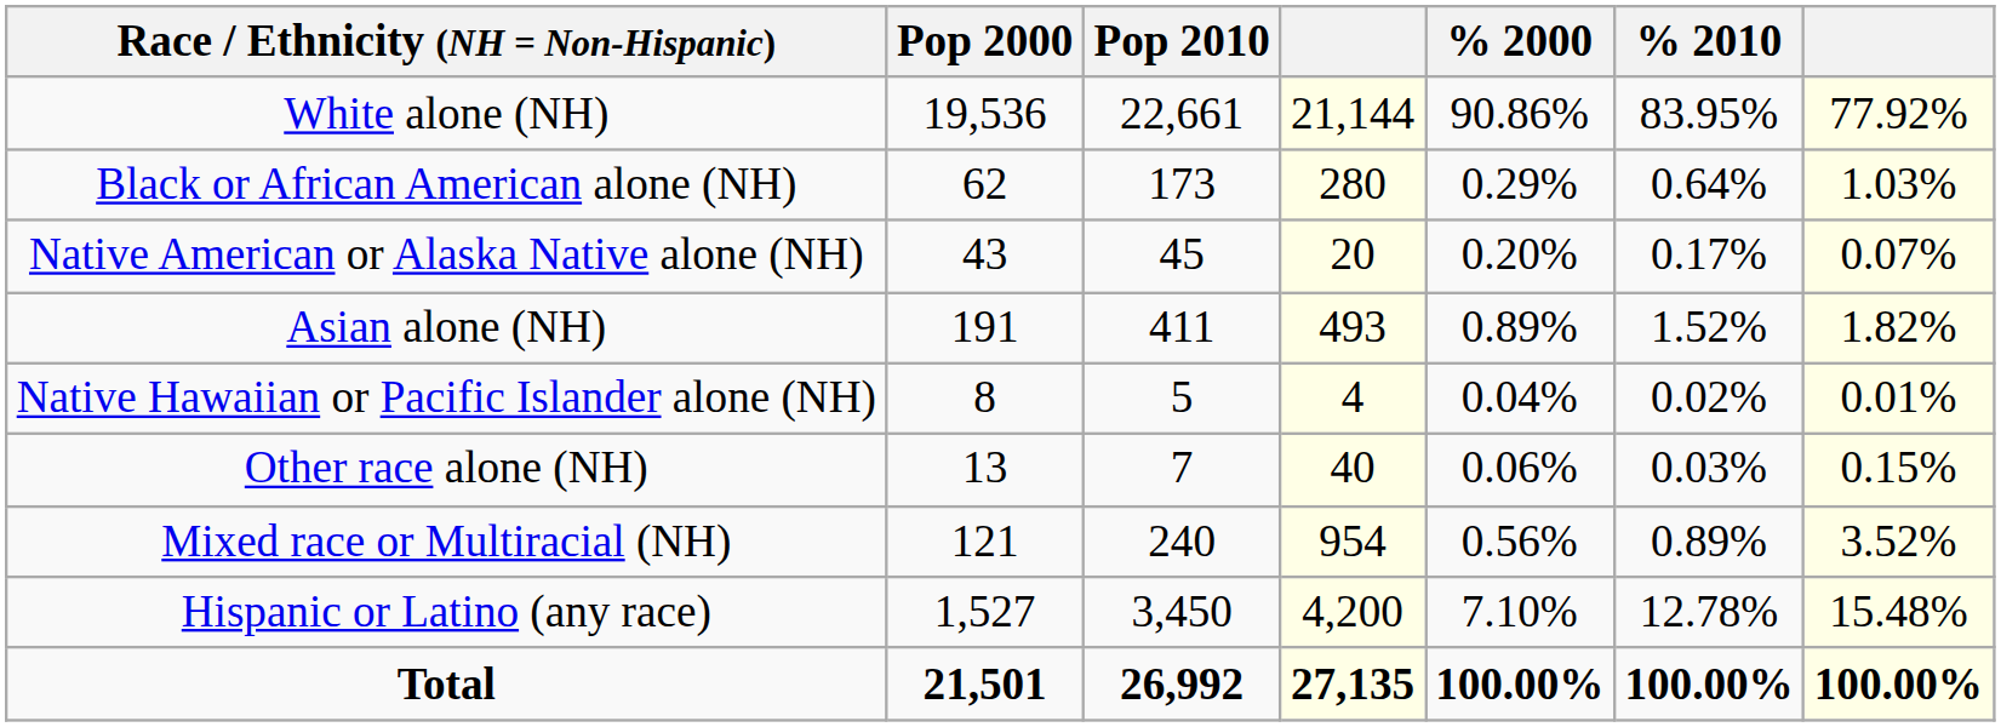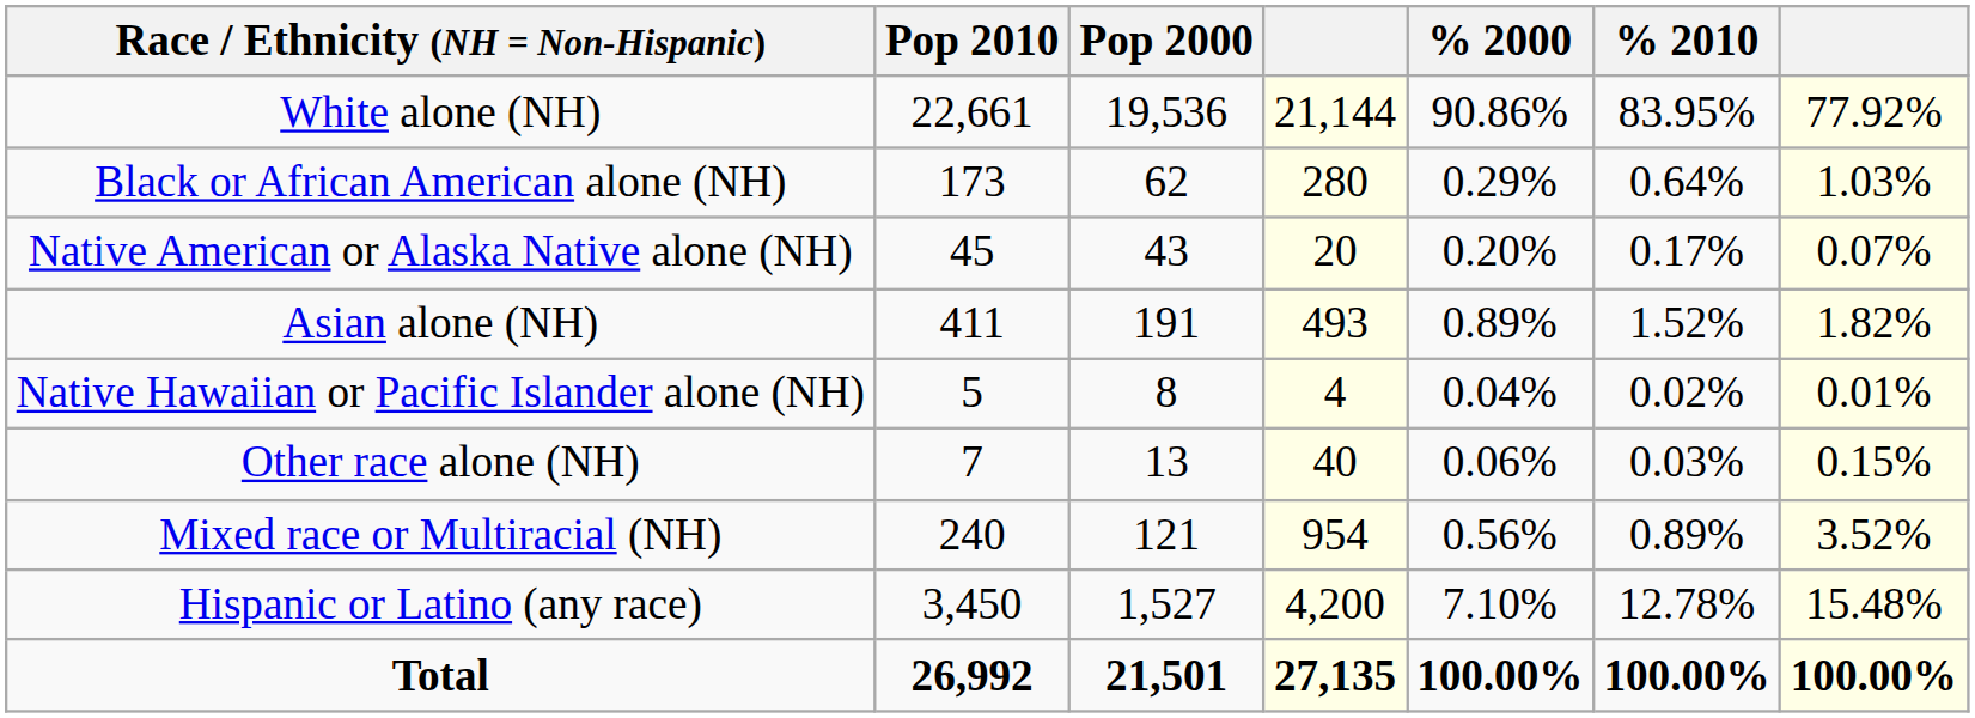 <table class="wikitable" style="text-align:center;">
 <tr>
 <th>Race / Ethnicity <small>(<em>NH = Non-Hispanic</em>)</small></th>
+<th>Pop 2010</th>
 <th>Pop 2000</th>
-<th>Pop 2010</th>
 <th></th>
 <th>% 2000</th>
 <th>% 2010</th>
 <th></th>
 </tr>
 <tr>
 <td><a href='#'>White</a> alone (NH)</td>
+<td>22,661</td>
 <td>19,536</td>
-<td>22,661</td>
 <td style='background: #ffffe6;'>21,144</td>
 <td>90.86%</td>
 <td>83.95%</td>
 <td style='background: #ffffe6;'>77.92%</td>
 </tr>
 <tr>
 <td><a href='#'>Black or African American</a> alone (NH)</td>
+<td>173</td>
 <td>62</td>
-<td>173</td>
 <td style='background: #ffffe6;'>280</td>
 <td>0.29%</td>
 <td>0.64%</td>
 <td style='background: #ffffe6;'>1.03%</td>
 </tr>
 <tr>
 <td><a href='#'>Native American</a> or <a href='#'>Alaska Native</a> alone (NH)</td>
+<td>45</td>
 <td>43</td>
-<td>45</td>
 <td style='background: #ffffe6;'>20</td>
 <td>0.20%</td>
 <td>0.17%</td>
 <td style='background: #ffffe6;'>0.07%</td>
 </tr>
 <tr>
 <td><a href='#'>Asian</a> alone (NH)</td>
+<td>411</td>
 <td>191</td>
-<td>411</td>
 <td style='background: #ffffe6;'>493</td>
 <td>0.89%</td>
 <td>1.52%</td>
 <td style='background: #ffffe6;'>1.82%</td>
 </tr>
 <tr>
 <td><a href='#'>Native Hawaiian</a> or <a href='#'>Pacific Islander</a> alone (NH)</td>
+<td>5</td>
 <td>8</td>
-<td>5</td>
 <td style='background: #ffffe6;'>4</td>
 <td>0.04%</td>
 <td>0.02%</td>
 <td style='background: #ffffe6;'>0.01%</td>
 </tr>
 <tr>
 <td><a href='#'>Other race</a> alone (NH)</td>
+<td>7</td>
 <td>13</td>
-<td>7</td>
 <td style='background: #ffffe6;'>40</td>
 <td>0.06%</td>
 <td>0.03%</td>
 <td style='background: #ffffe6;'>0.15%</td>
 </tr>
 <tr>
 <td><a href='#'>Mixed race or Multiracial</a> (NH)</td>
+<td>240</td>
 <td>121</td>
-<td>240</td>
 <td style='background: #ffffe6;'>954</td>
 <td>0.56%</td>
 <td>0.89%</td>
 <td style='background: #ffffe6;'>3.52%</td>
 </tr>
 <tr>
 <td><a href='#'>Hispanic or Latino</a> (any race)</td>
+<td>3,450</td>
 <td>1,527</td>
-<td>3,450</td>
 <td style='background: #ffffe6;'>4,200</td>
 <td>7.10%</td>
 <td>12.78%</td>
 <td style='background: #ffffe6;'>15.48%</td>
 </tr>
 <tr>
 <td><strong>Total</strong></td>
+<td><strong>26,992</strong></td>
 <td><strong>21,501</strong></td>
-<td><strong>26,992</strong></td>
 <td style='background: #ffffe6;'><strong>27,135</strong></td>
 <td><strong>100.00%</strong></td>
 <td><strong>100.00%</strong></td>
 <td style='background: #ffffe6;'><strong>100.00%</strong></td>
 </tr>
 </table>
